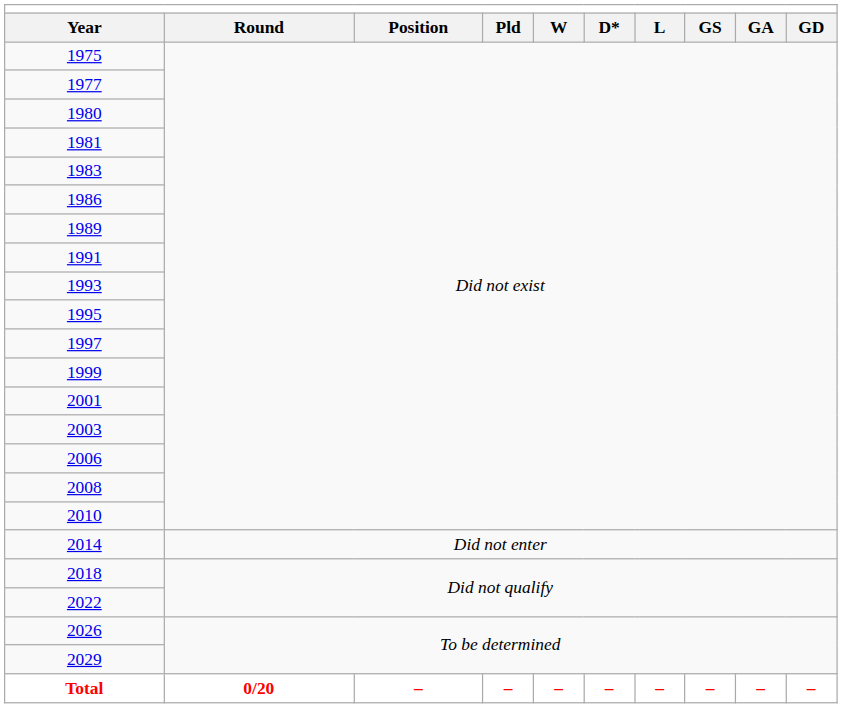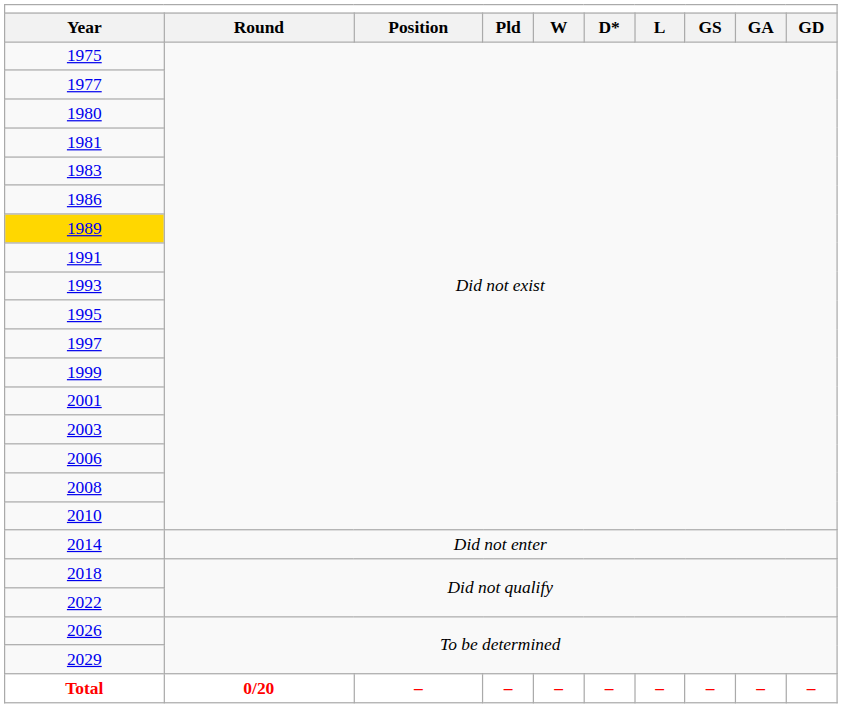 <table class="wikitable" style="text-align: center;font-size:90%;">
 <tr>
 <th colspan="10" style="background: white ; color: red;"><a href='#'></a></th>
 </tr>
 <tr>
 <th width=125>Year</th>
 <th width=150>Round</th>
 <th width=100>Position</th>
 <th width=35>Pld</th>
 <th width=35>W</th>
 <th width=35>D*</th>
 <th width=35>L</th>
 <th width=35>GS</th>
 <th width=35>GA</th>
 <th width=35>GD</th>
 </tr>
 <tr>
 <td> <a href='#'>1975</a></td>
 <td colspan=9 rowspan=17><em>Did not exist</em></td>
 </tr>
 <tr>
 <td> <a href='#'>1977</a></td>
 </tr>
 <tr>
 <td> <a href='#'>1980</a></td>
 </tr>
 <tr>
 <td> <a href='#'>1981</a></td>
 </tr>
 <tr>
 <td> <a href='#'>1983</a></td>
 </tr>
 <tr>
 <td> <a href='#'>1986</a></td>
 </tr>
 <tr>
-<td> <a href='#'>1989</a></td>
+<td style="background: gold;"> <a href='#'>1989</a></td>
 </tr>
 <tr>
 <td> <a href='#'>1991</a></td>
 </tr>
 <tr>
 <td> <a href='#'>1993</a></td>
 </tr>
 <tr>
 <td> <a href='#'>1995</a></td>
 </tr>
 <tr>
 <td> <a href='#'>1997</a></td>
 </tr>
 <tr>
 <td> <a href='#'>1999</a></td>
 </tr>
 <tr>
 <td> <a href='#'>2001</a></td>
 </tr>
 <tr>
 <td> <a href='#'>2003</a></td>
 </tr>
 <tr>
 <td> <a href='#'>2006</a></td>
 </tr>
 <tr>
 <td> <a href='#'>2008</a></td>
 </tr>
 <tr>
 <td> <a href='#'>2010</a></td>
 </tr>
 <tr>
 <td> <a href='#'>2014</a></td>
 <td colspan=9><em>Did not enter</em></td>
 </tr>
 <tr>
 <td> <a href='#'>2018</a></td>
 <td colspan=9 rowspan=2><em>Did not qualify</em></td>
 </tr>
 <tr>
 <td> <a href='#'>2022</a></td>
 </tr>
 <tr>
 <td> <a href='#'>2026</a></td>
 <td colspan=9 rowspan=2><em>To be determined</em></td>
 </tr>
 <tr>
 <td> <a href='#'>2029</a></td>
 </tr>
 <tr>
 <td colspan=1 style="background: #FFFFFF; color: red;"><strong>Total</strong></td>
 <td style="background: #FFFFFF; color: red;"><strong>0/20</strong></td>
 <td style="background: #FFFFFF; color: red;"><strong>–</strong></td>
 <td style="background: #FFFFFF; color: red;"><strong>–</strong></td>
 <td style="background: #FFFFFF; color: red;"><strong>–</strong></td>
 <td style="background: #FFFFFF; color: red;"><strong>–</strong></td>
 <td style="background: #FFFFFF; color: red;"><strong>–</strong></td>
 <td style="background: #FFFFFF; color: red;"><strong>–</strong></td>
 <td style="background: #FFFFFF; color: red;"><strong>–</strong></td>
 <td style="background: #FFFFFF; color: red;"><strong>–</strong></td>
 </tr>
 </table>
